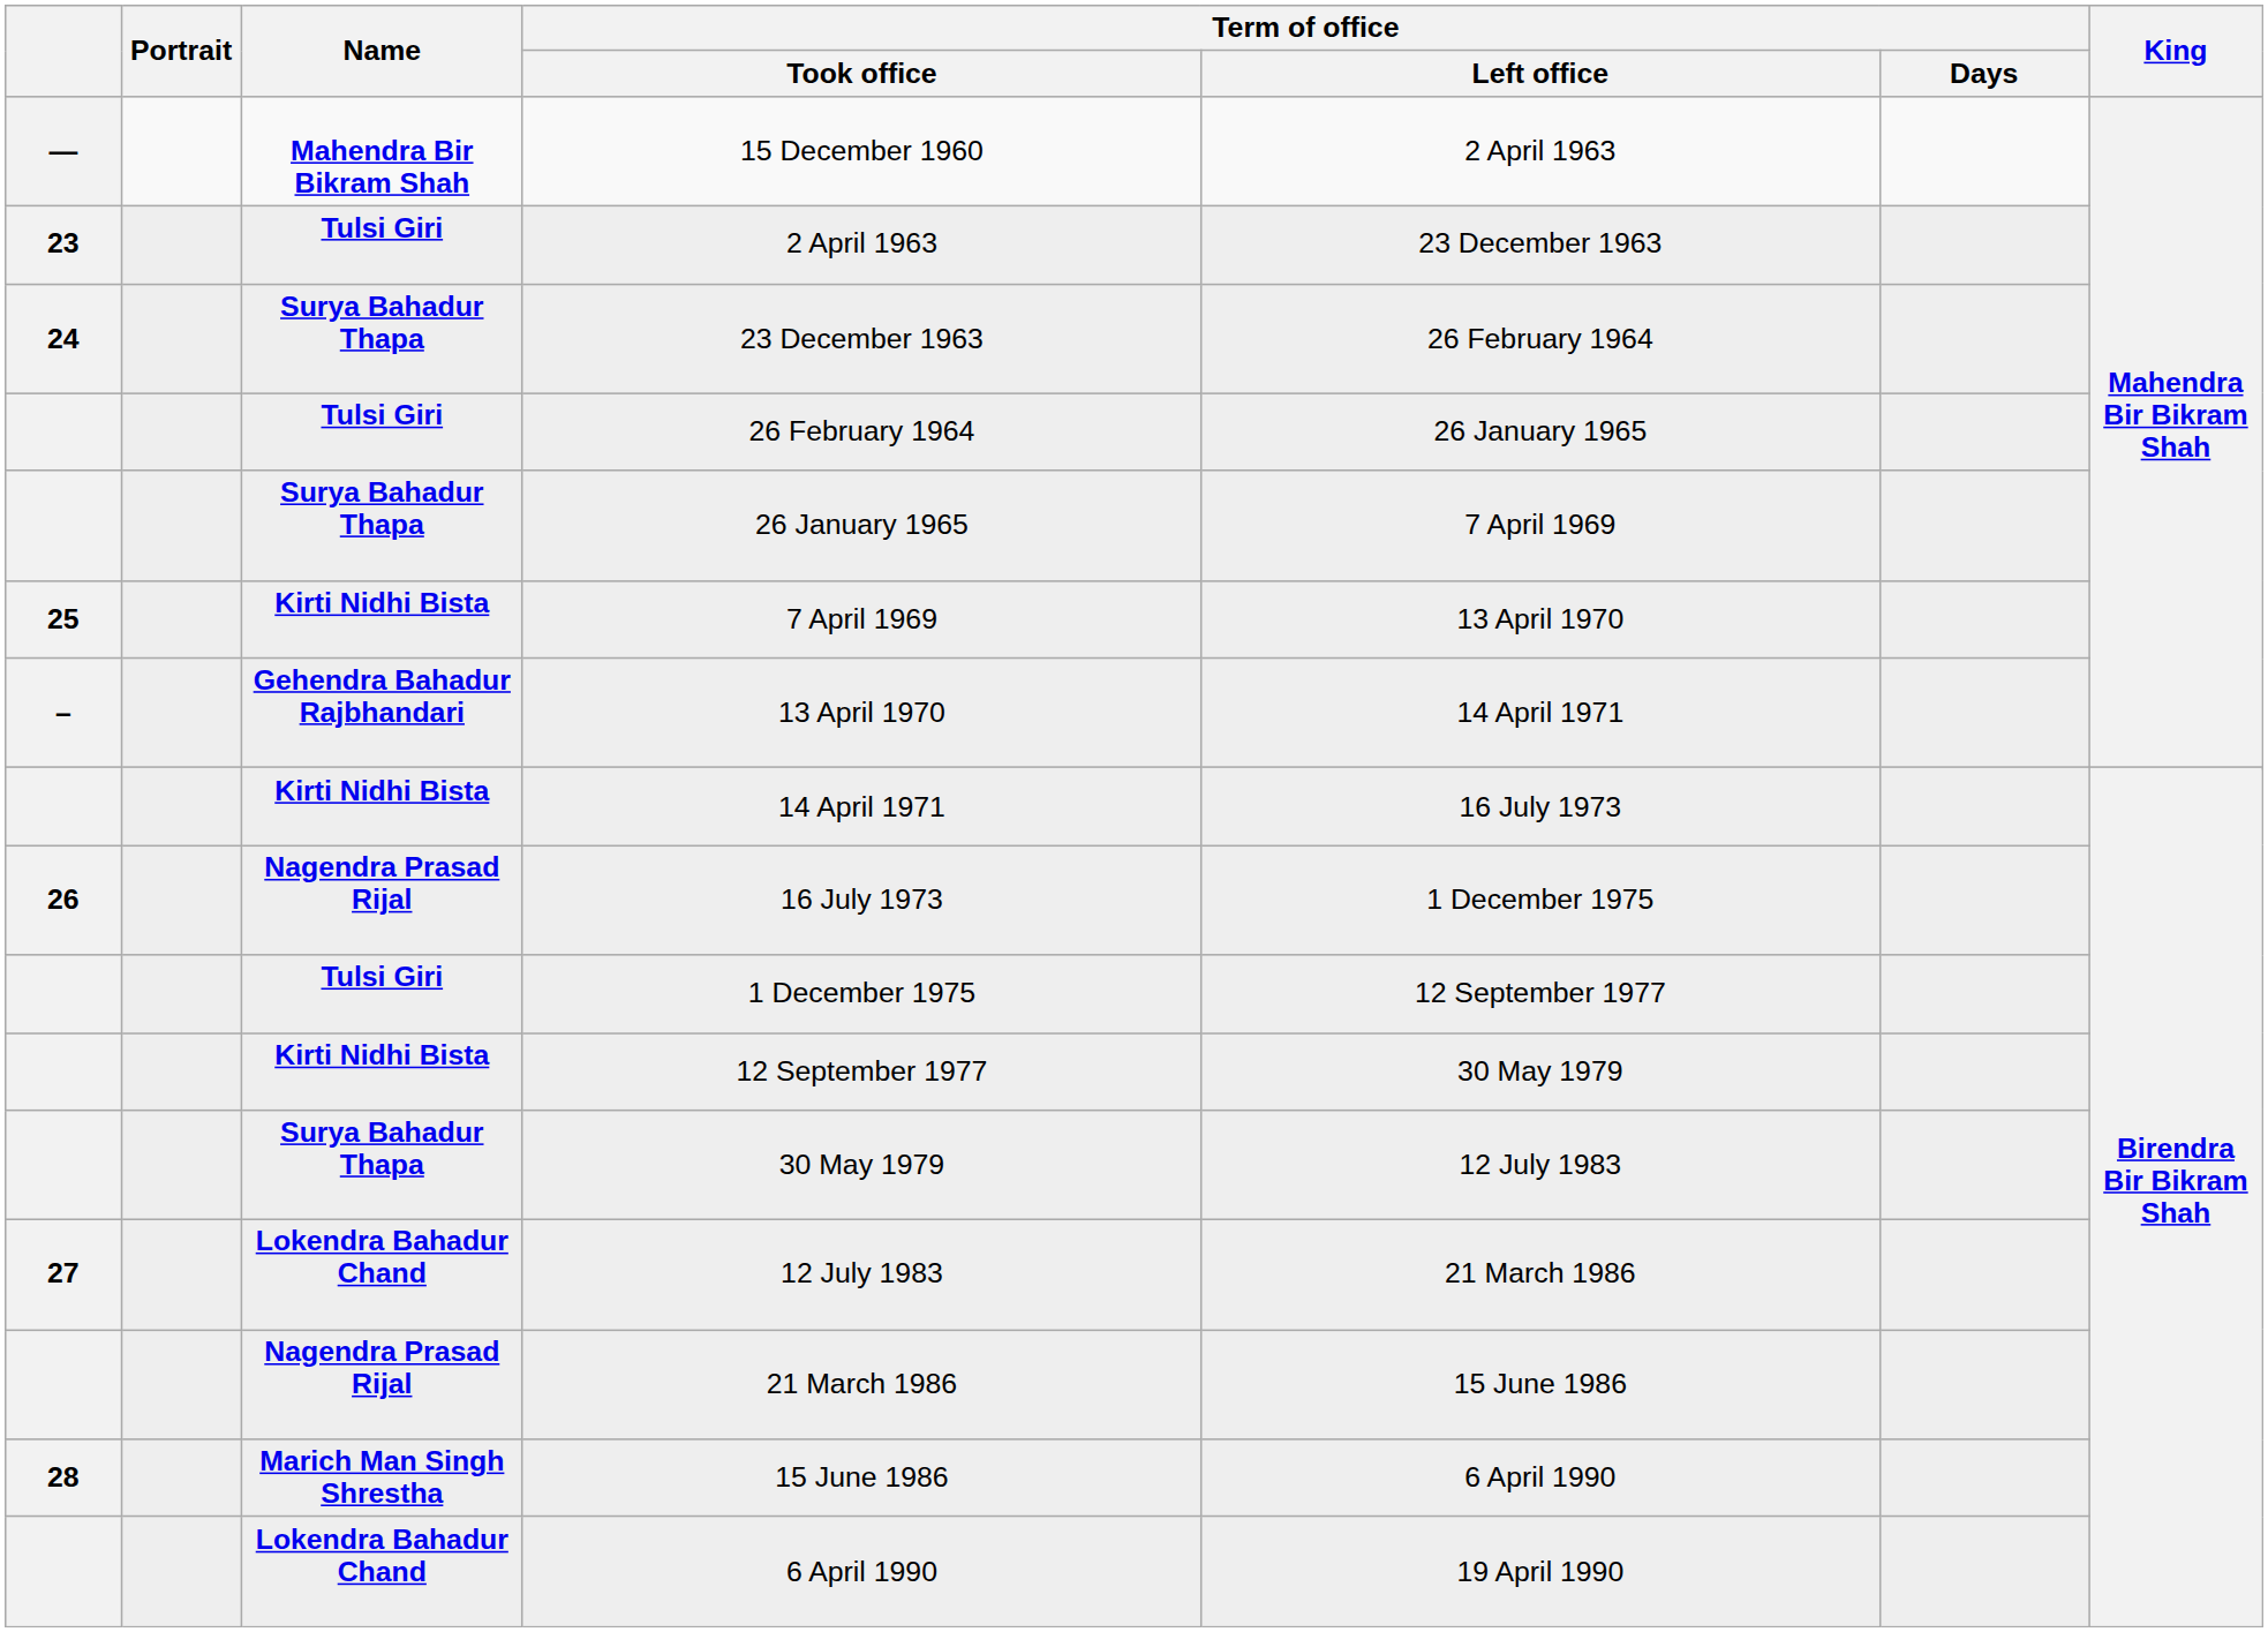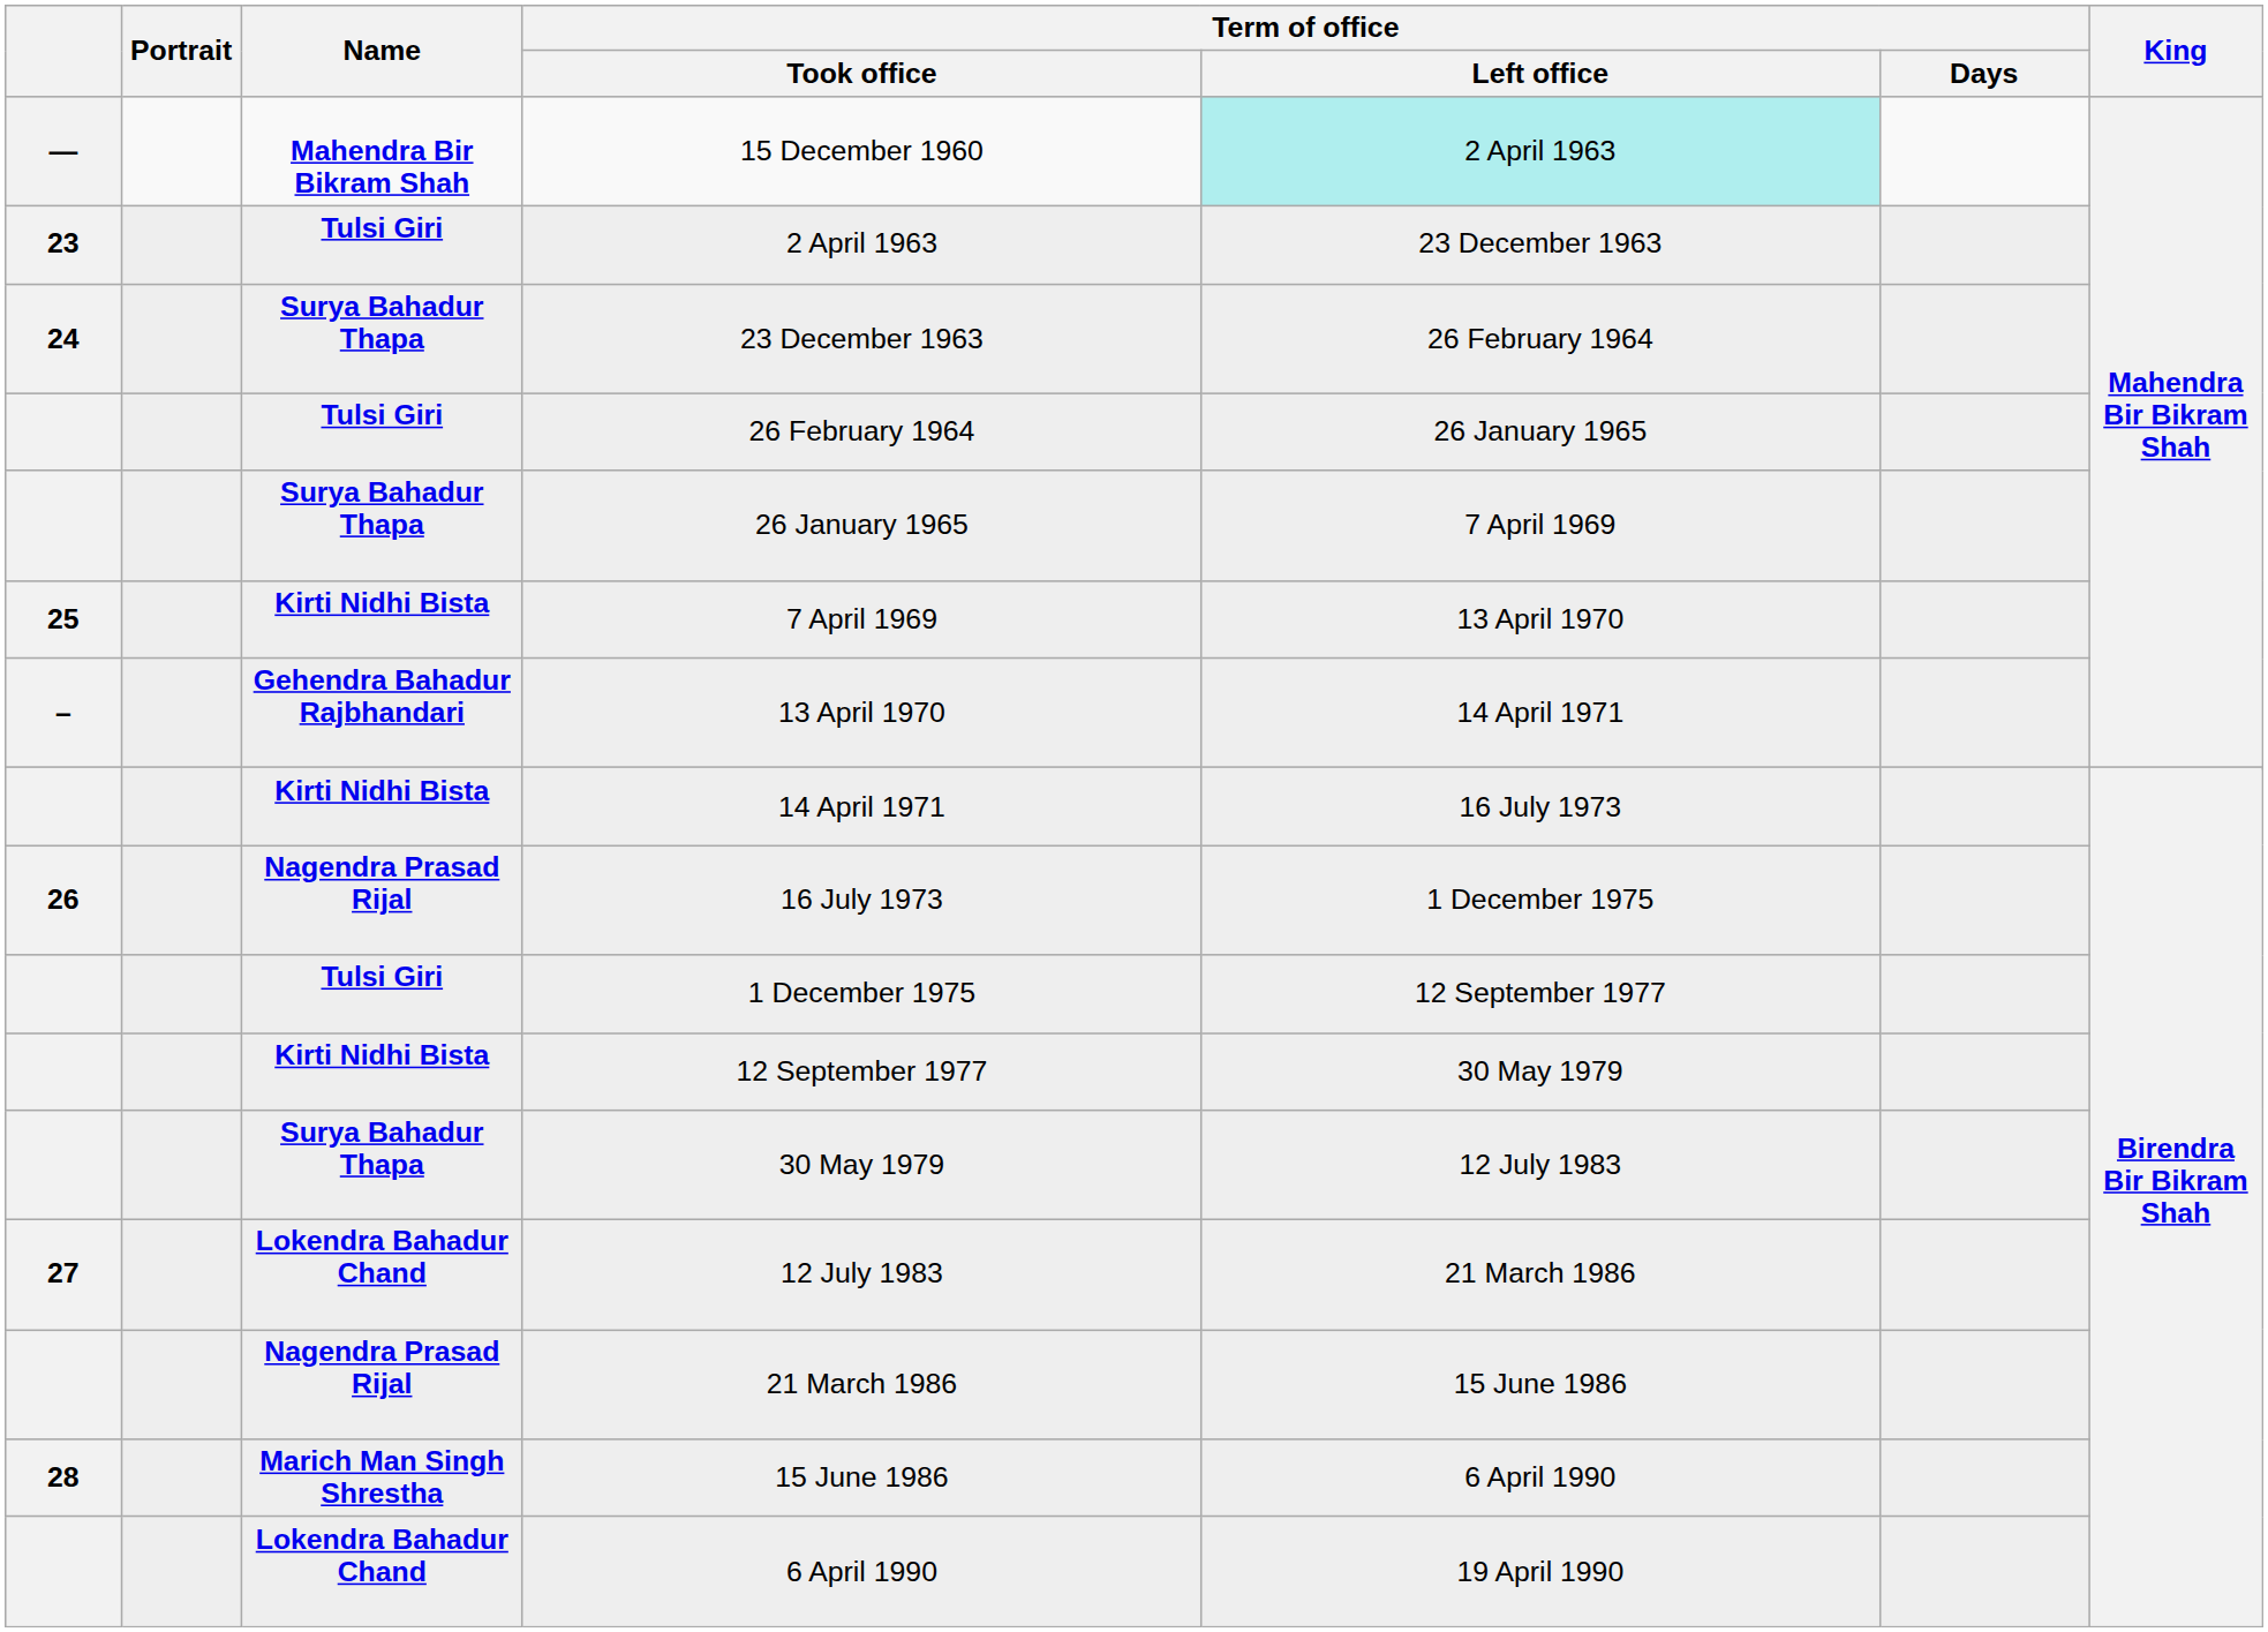 <table class="wikitable" style="text-align:center; border:1px #aaf solid; width:100%;">
 <tr>
 <th rowspan="2"></th>
 <th rowspan="2" style="width:60px;">Portrait</th>
 <th rowspan="2" style="width:150px;">Name<br></th>
 <th colspan="3">Term of office</th>
 <th rowspan="2" style="width:90px;"><a href='#'>King</a><br></th>
 </tr>
 <tr>
 <th>Took office</th>
 <th>Left office</th>
 <th>Days</th>
 </tr>
 <tr>
 <th>—</th>
 <td></td>
 <td><strong><br><a href='#'>Mahendra Bir Bikram Shah</a><br></strong></td>
 <td>15 December 1960</td>
-<td>2 April 1963</td>
+<td style="background: paleturquoise;">2 April 1963</td>
 <td></td>
 <th rowspan="8" style="font-weight:normal"><strong><a href='#'>Mahendra Bir Bikram Shah</a></strong><br><br></th>
 </tr>
 <tr style="background:#EEEEEE">
 <th>23</th>
 <td></td>
 <td><strong><a href='#'>Tulsi Giri</a></strong><br><br></td>
 <td>2 April 1963</td>
 <td>23 December 1963</td>
 <td></td>
 </tr>
 <tr style="background:#EEEEEE">
 <th>24</th>
 <td></td>
 <td><strong><a href='#'>Surya Bahadur Thapa</a></strong><br><br></td>
 <td>23 December 1963</td>
 <td>26 February 1964</td>
 <td></td>
 </tr>
 <tr style="background:#EEEEEE">
 <th></th>
 <td></td>
 <td><strong><a href='#'>Tulsi Giri</a></strong><br><br></td>
 <td>26 February 1964</td>
 <td>26 January 1965</td>
 <td></td>
 </tr>
 <tr style="background:#EEEEEE">
 <th></th>
 <td></td>
 <td><strong><a href='#'>Surya Bahadur Thapa</a></strong><br><br></td>
 <td>26 January 1965</td>
 <td>7 April 1969</td>
 <td></td>
 </tr>
 <tr style="background:#EEEEEE">
 <th>25</th>
 <td></td>
 <td><strong><a href='#'>Kirti Nidhi Bista</a></strong><br><br></td>
 <td>7 April 1969</td>
 <td>13 April 1970</td>
 <td></td>
 </tr>
 <tr style="background:#EEEEEE">
 <th>–</th>
 <td></td>
 <td><strong><a href='#'>Gehendra Bahadur Rajbhandari</a></strong><br><br></td>
 <td>13 April 1970</td>
 <td>14 April 1971</td>
 <td></td>
 </tr>
 <tr style="background:#EEEEEE">
 <th rowspan="2"></th>
 <td rowspan="2"></td>
 <td rowspan="2"><strong><a href='#'>Kirti Nidhi Bista</a></strong><br><br></td>
 <td rowspan="2">14 April 1971</td>
 <td rowspan="2">16 July 1973</td>
 <td rowspan="2"></td>
 </tr>
 <tr>
 <th rowspan="9" style="font-weight:normal"><strong><a href='#'>Birendra Bir Bikram Shah</a></strong><br><br></th>
 </tr>
 <tr style="background:#EEEEEE">
 <th>26</th>
 <td></td>
 <td><strong><a href='#'>Nagendra Prasad Rijal</a></strong><br><br></td>
 <td>16 July 1973</td>
 <td>1 December 1975</td>
 <td></td>
 </tr>
 <tr style="background:#EEEEEE">
 <th></th>
 <td></td>
 <td><strong><a href='#'>Tulsi Giri</a></strong><br><br></td>
 <td>1 December 1975</td>
 <td>12 September 1977</td>
 <td></td>
 </tr>
 <tr style="background:#EEEEEE">
 <th></th>
 <td></td>
 <td><strong><a href='#'>Kirti Nidhi Bista</a></strong><br><br></td>
 <td>12 September 1977</td>
 <td>30 May 1979</td>
 <td></td>
 </tr>
 <tr style="background:#EEEEEE">
 <th></th>
 <td></td>
 <td><strong><a href='#'>Surya Bahadur Thapa</a></strong><br><br></td>
 <td>30 May 1979</td>
 <td>12 July 1983</td>
 <td></td>
 </tr>
 <tr style="background:#EEEEEE">
 <th>27</th>
 <td></td>
 <td><strong><a href='#'>Lokendra Bahadur Chand</a></strong><br><br></td>
 <td>12 July 1983</td>
 <td>21 March 1986</td>
 <td></td>
 </tr>
 <tr style="background:#EEEEEE">
 <th></th>
 <td></td>
 <td><strong><a href='#'>Nagendra Prasad Rijal</a></strong><br><br></td>
 <td>21 March 1986</td>
 <td>15 June 1986</td>
 <td></td>
 </tr>
 <tr style="background:#EEEEEE">
 <th>28</th>
 <td></td>
 <td><strong><a href='#'>Marich Man Singh Shrestha</a></strong><br></td>
 <td>15 June 1986</td>
 <td>6 April 1990</td>
 <td></td>
 </tr>
 <tr style="background:#EEEEEE">
 <th></th>
 <td></td>
 <td><strong><a href='#'>Lokendra Bahadur Chand</a></strong><br><br></td>
 <td>6 April 1990</td>
 <td>19 April 1990</td>
 <td></td>
 </tr>
 </table>
